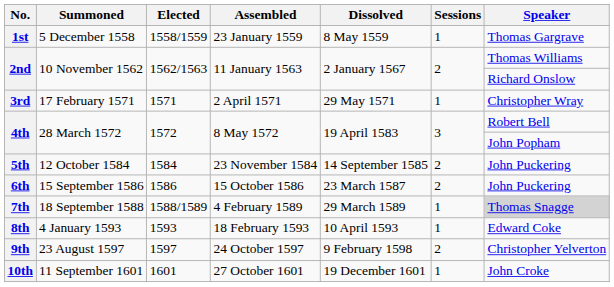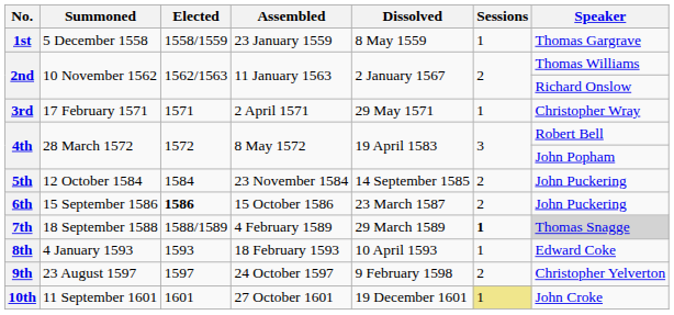 <table class="wikitable">
 <tr>
 <th>No.</th>
 <th>Summoned</th>
 <th>Elected</th>
 <th>Assembled</th>
 <th>Dissolved</th>
 <th>Sessions</th>
 <th><a href='#'>Speaker</a></th>
 </tr>
 <tr>
 <th><a href='#'>1st</a></th>
 <td>5 December 1558</td>
 <td>1558/1559</td>
 <td>23 January 1559</td>
 <td>8 May 1559</td>
 <td>1</td>
 <td><a href='#'>Thomas Gargrave</a></td>
 </tr>
 <tr>
 <th rowspan=2><a href='#'>2nd</a></th>
 <td rowspan=2>10 November 1562</td>
 <td rowspan=2>1562/1563</td>
 <td rowspan=2>11 January 1563</td>
 <td rowspan=2>2 January 1567</td>
 <td rowspan=2>2</td>
 <td><a href='#'>Thomas Williams</a></td>
 </tr>
 <tr>
 <td><a href='#'>Richard Onslow</a></td>
 </tr>
 <tr>
 <th><a href='#'>3rd</a></th>
 <td>17 February 1571</td>
 <td>1571</td>
 <td>2 April 1571</td>
 <td>29 May 1571</td>
 <td>1</td>
 <td><a href='#'>Christopher Wray</a></td>
 </tr>
 <tr>
 <th rowspan=2><a href='#'>4th</a></th>
 <td rowspan=2>28 March 1572</td>
 <td rowspan=2>1572</td>
 <td rowspan=2>8 May 1572</td>
 <td rowspan=2>19 April 1583</td>
 <td rowspan=2>3</td>
 <td><a href='#'>Robert Bell</a></td>
 </tr>
 <tr>
 <td><a href='#'>John Popham</a></td>
 </tr>
 <tr>
 <th><a href='#'>5th</a></th>
 <td>12 October 1584</td>
 <td>1584</td>
 <td>23 November 1584</td>
 <td>14 September 1585</td>
 <td>2</td>
 <td><a href='#'>John Puckering</a></td>
 </tr>
 <tr>
 <th><a href='#'>6th</a></th>
 <td>15 September 1586</td>
-<td>1586</td>
+<td><strong>1586</strong></td>
 <td>15 October 1586</td>
 <td>23 March 1587</td>
 <td>2</td>
 <td><a href='#'>John Puckering</a></td>
 </tr>
 <tr>
 <th><a href='#'>7th</a></th>
 <td>18 September 1588</td>
 <td>1588/1589</td>
 <td>4 February 1589</td>
 <td>29 March 1589</td>
-<td>1</td>
+<td><strong>1</strong></td>
 <td style="background: lightgrey;"><a href='#'>Thomas Snagge</a></td>
 </tr>
 <tr>
 <th><a href='#'>8th</a></th>
 <td>4 January 1593</td>
 <td>1593</td>
 <td>18 February 1593</td>
 <td>10 April 1593</td>
 <td>1</td>
 <td><a href='#'>Edward Coke</a></td>
 </tr>
 <tr>
 <th><a href='#'>9th</a></th>
 <td>23 August 1597</td>
 <td>1597</td>
 <td>24 October 1597</td>
 <td>9 February 1598</td>
 <td>2</td>
 <td><a href='#'>Christopher Yelverton</a></td>
 </tr>
 <tr>
 <th><a href='#'>10th</a></th>
 <td>11 September 1601</td>
 <td>1601</td>
 <td>27 October 1601</td>
 <td>19 December 1601</td>
-<td>1</td>
+<td style="background: khaki;">1</td>
 <td><a href='#'>John Croke</a></td>
 </tr>
 </table>
